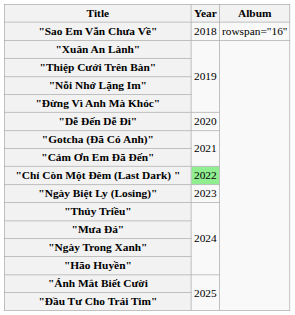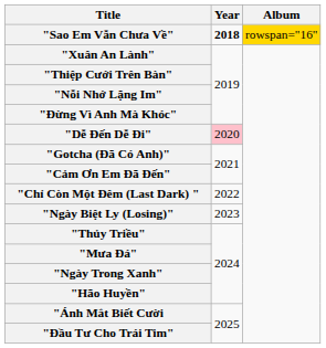 <table class="wikitable plainrowheaders" style="text-align:center;">
 <tr>
 <th scope="col" style="width:16em;">Title</th>
 <th scope="col">Year</th>
 <th scope="col">Album</th>
 </tr>
 <tr>
 <th scope="row">"Sao Em Vẫn Chưa Về" </th>
-<td>2018</td>
-<td>rowspan="16" </td>
+<td><strong>2018</strong></td>
+<td style="background: gold;">rowspan="16" </td>
 </tr>
 <tr>
 <th scope="row">"Xuân An Lành"</th>
 <td rowspan="4">2019</td>
 </tr>
 <tr>
 <th scope="row">"Thiệp Cưới Trên Bàn"</th>
 </tr>
 <tr>
 <th scope="row">"Nỗi Nhớ Lặng Im"</th>
 </tr>
 <tr>
 <th scope="row">"Đừng Vì Anh Mà Khóc"</th>
 </tr>
 <tr>
 <th scope="row">"Dễ Đến Dễ Đi"</th>
-<td>2020</td>
+<td style="background: pink;">2020</td>
 </tr>
 <tr>
 <th scope="row">"Gotcha (Đã Có Anh)"</th>
 <td rowspan="2">2021</td>
 </tr>
 <tr>
 <th scope="row">"Cảm Ơn Em Đã Đến"</th>
 </tr>
 <tr>
 <th scope="row">"Chỉ Còn Một Đêm (Last Dark) "</th>
-<td style="background: lightgreen;">2022</td>
+<td>2022</td>
 </tr>
 <tr>
 <th scope="row">"Ngày Biệt Ly (Losing)"</th>
 <td>2023</td>
 </tr>
 <tr>
 <th scope="row">"Thủy Triều"</th>
 <td rowspan="4">2024</td>
 </tr>
 <tr>
 <th scope="row">"Mưa Đá"</th>
 </tr>
 <tr>
 <th scope="row">"Ngày Trong Xanh"</th>
 </tr>
 <tr>
 <th scope="row">"Hão Huyền"</th>
 </tr>
 <tr>
 <th scope="row">"Ánh Mắt Biết Cười </th>
 <td rowspan="2">2025</td>
 </tr>
 <tr>
 <th scope="row">"Đầu Tư Cho Trái Tim"</th>
 </tr>
 </table>
